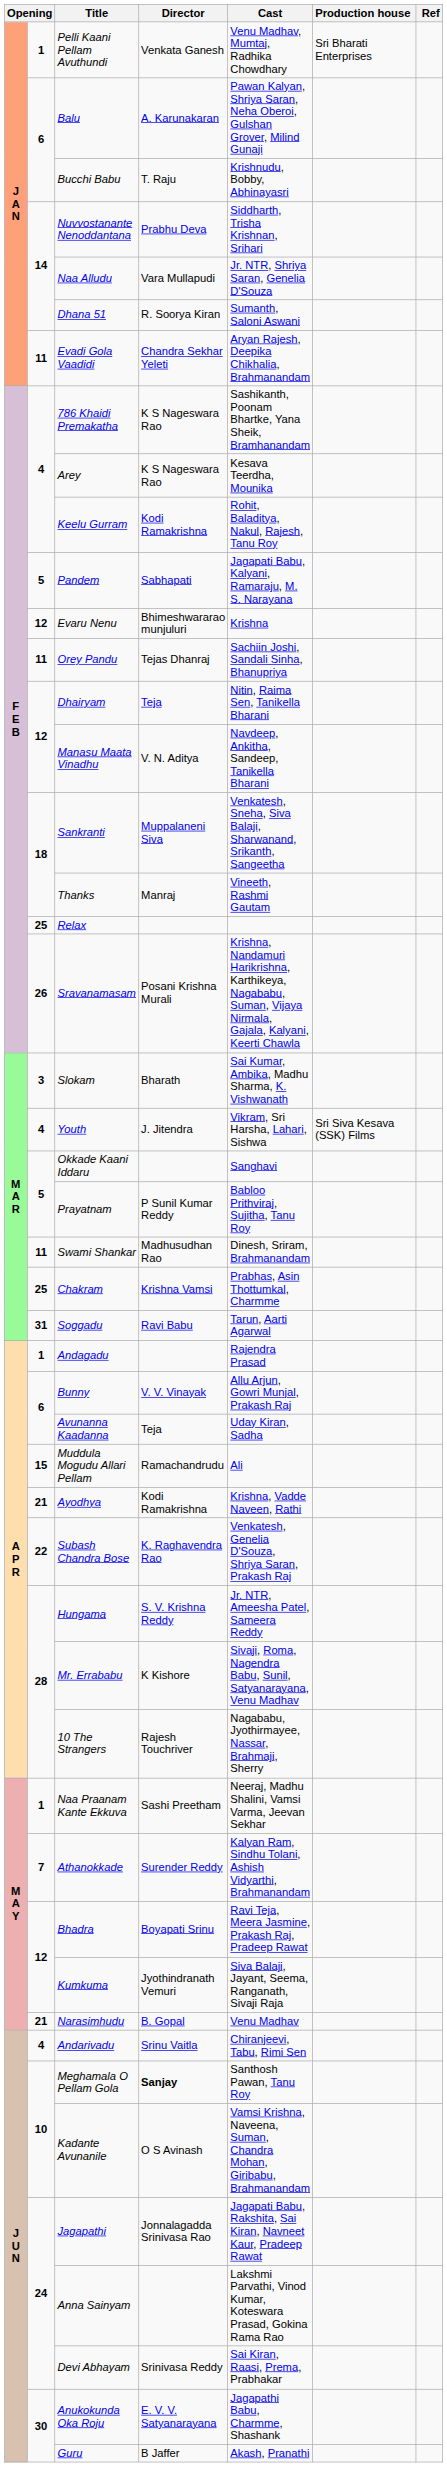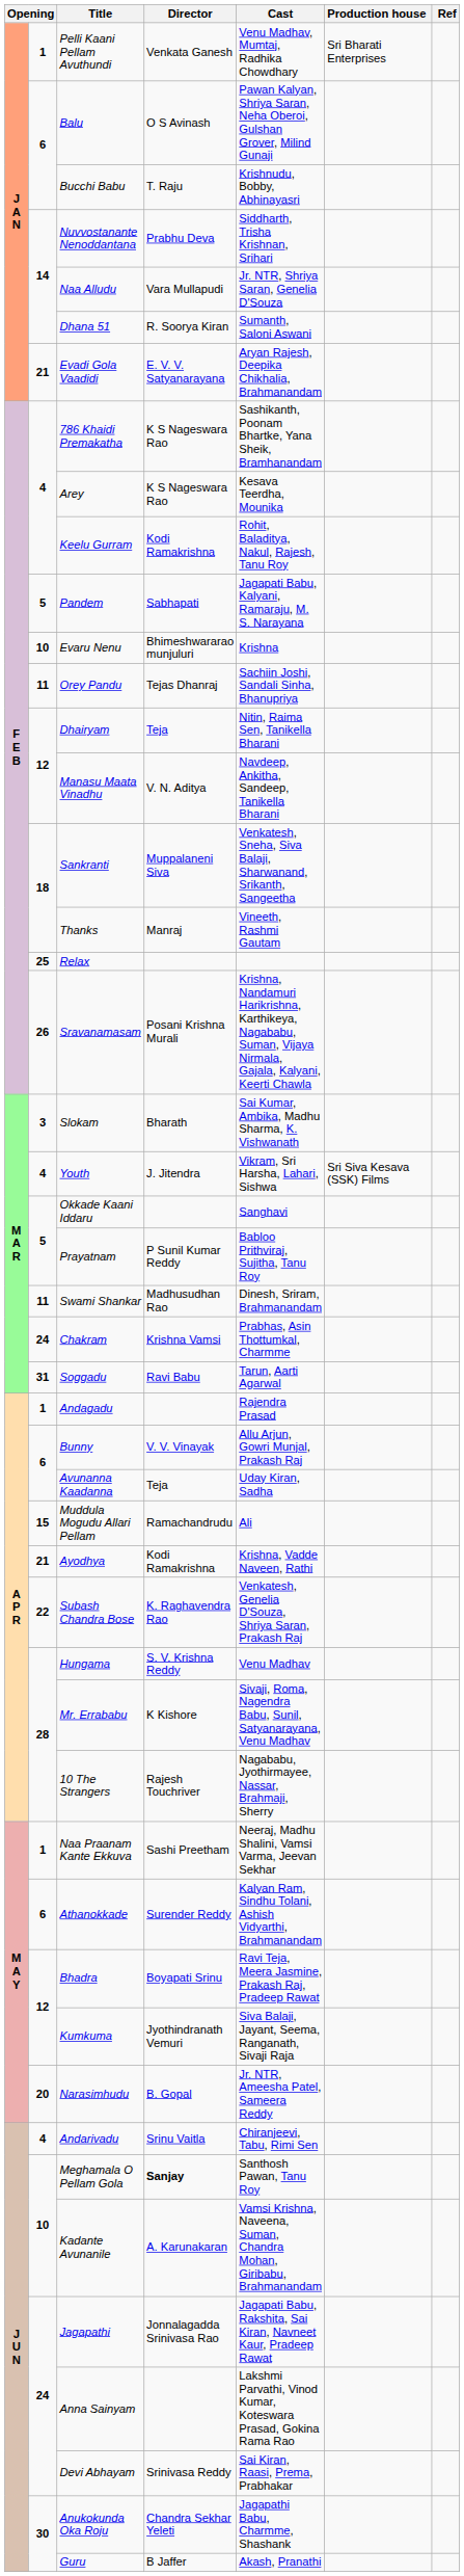 <table class="wikitable sortable">
 <tr style="background:#blue; text-align:center;">
 <th colspan="2">Opening</th>
 <th>Title</th>
 <th style="width:20%;"><strong>Director</strong></th>
 <th>Cast</th>
 <th>Production house </th>
 <th> Ref</th>
 </tr>
 <tr January!>
 <td rowspan="7"   style="text-align:center; background:#FFA07A; textcolor:#000;"><strong>J<br>A<br>N</strong></td>
 <td style="text-align:center;"><strong>1</strong></td>
 <td><em>Pelli Kaani Pellam Avuthundi</em></td>
 <td>Venkata Ganesh</td>
 <td><a href='#'>Venu Madhav</a>, <a href='#'>Mumtaj</a>, Radhika Chowdhary</td>
 <td>Sri Bharati Enterprises</td>
 <td></td>
 </tr>
 <tr>
 <td rowspan="2" style="text-align:center;"><strong>6</strong></td>
 <td><em><a href='#'>Balu</a></em></td>
-<td><a href='#'>A. Karunakaran</a></td>
+<td>O S Avinash</td>
 <td><a href='#'>Pawan Kalyan</a>, <a href='#'>Shriya Saran</a>, <a href='#'>Neha Oberoi</a>, <a href='#'>Gulshan Grover</a>, <a href='#'>Milind Gunaji</a></td>
 <td></td>
 <td></td>
 </tr>
 <tr>
 <td><em>Bucchi Babu</em></td>
 <td>T. Raju</td>
 <td><a href='#'>Krishnudu</a>, Bobby, <a href='#'>Abhinayasri</a></td>
 <td></td>
 <td></td>
 </tr>
 <tr>
 <td rowspan="3" style="text-align:center;"><strong>14</strong></td>
 <td><em><a href='#'>Nuvvostanante Nenoddantana</a></em></td>
 <td><a href='#'>Prabhu Deva</a></td>
 <td><a href='#'>Siddharth</a>, <a href='#'>Trisha Krishnan</a>, <a href='#'>Srihari</a></td>
 <td></td>
 <td></td>
 </tr>
 <tr>
 <td><em><a href='#'>Naa Alludu</a></em></td>
 <td>Vara Mullapudi</td>
 <td><a href='#'>Jr. NTR</a>, <a href='#'>Shriya Saran</a>, <a href='#'>Genelia D'Souza</a></td>
 <td></td>
 <td></td>
 </tr>
 <tr>
 <td><em><a href='#'>Dhana 51</a></em></td>
 <td>R. Soorya Kiran</td>
 <td><a href='#'>Sumanth</a>, <a href='#'>Saloni Aswani</a></td>
 <td></td>
 <td></td>
 </tr>
 <tr>
-<td style="text-align:center;"><strong>11</strong></td>
+<td style="text-align:center;"><strong>21</strong></td>
 <td><em><a href='#'>Evadi Gola Vaadidi</a></em></td>
-<td><a href='#'>Chandra Sekhar Yeleti</a></td>
+<td><a href='#'>E. V. V. Satyanarayana</a></td>
 <td><a href='#'>Aryan Rajesh</a>, <a href='#'>Deepika Chikhalia</a>, <a href='#'>Brahmanandam</a></td>
 <td></td>
 <td></td>
 </tr>
 <tr February!>
 <td rowspan="12"   style="text-align:center; background:thistle; textcolor:#000;"><strong>F<br>E<br>B</strong></td>
 <td rowspan="3" style="text-align:center;"><strong>4</strong></td>
 <td><em><a href='#'>786 Khaidi Premakatha</a></em></td>
 <td>K S Nageswara Rao</td>
 <td>Sashikanth, Poonam Bhartke, Yana Sheik, <a href='#'>Bramhanandam</a></td>
 <td></td>
 <td></td>
 </tr>
 <tr>
 <td><em>Arey</em></td>
 <td>K S Nageswara Rao</td>
 <td>Kesava Teerdha, <a href='#'>Mounika</a></td>
 <td></td>
 <td></td>
 </tr>
 <tr>
 <td><em><a href='#'>Keelu Gurram</a></em></td>
 <td><a href='#'>Kodi Ramakrishna</a></td>
 <td><a href='#'>Rohit</a>, <a href='#'>Baladitya</a>, <a href='#'>Nakul</a>, <a href='#'>Rajesh</a>, <a href='#'>Tanu Roy</a></td>
 <td></td>
 <td></td>
 </tr>
 <tr>
 <td style="text-align:center;"><strong>5</strong></td>
 <td><em><a href='#'>Pandem</a></em></td>
 <td><a href='#'>Sabhapati</a></td>
 <td><a href='#'>Jagapati Babu</a>, <a href='#'>Kalyani</a>, <a href='#'>Ramaraju</a>, <a href='#'>M. S. Narayana</a></td>
 <td></td>
 <td></td>
 </tr>
 <tr>
-<td style="text-align:center;"><strong>12</strong></td>
+<td style="text-align:center;"><strong>10</strong></td>
 <td><em>Evaru Nenu</em></td>
 <td>Bhimeshwararao munjuluri</td>
 <td><a href='#'>Krishna</a></td>
 <td></td>
 <td></td>
 </tr>
 <tr>
 <td style="text-align:center;"><strong>11</strong></td>
 <td><em><a href='#'>Orey Pandu</a></em></td>
 <td>Tejas Dhanraj</td>
 <td><a href='#'>Sachiin Joshi</a>, <a href='#'>Sandali Sinha</a>, <a href='#'>Bhanupriya</a></td>
 <td></td>
 <td></td>
 </tr>
 <tr>
 <td rowspan="2" style="text-align:center;"><strong>12</strong></td>
 <td><em><a href='#'>Dhairyam</a></em></td>
 <td><a href='#'>Teja</a></td>
 <td><a href='#'>Nitin</a>, <a href='#'>Raima Sen</a>, <a href='#'>Tanikella Bharani</a></td>
 <td></td>
 <td></td>
 </tr>
 <tr>
 <td><em><a href='#'>Manasu Maata Vinadhu</a></em></td>
 <td>V. N. Aditya</td>
 <td><a href='#'>Navdeep</a>, <a href='#'>Ankitha</a>, Sandeep, <a href='#'>Tanikella Bharani</a></td>
 <td></td>
 <td></td>
 </tr>
 <tr>
 <td rowspan="2" style="text-align:center;"><strong>18</strong></td>
 <td><em><a href='#'>Sankranti</a></em></td>
 <td><a href='#'>Muppalaneni Siva</a></td>
 <td><a href='#'>Venkatesh</a>, <a href='#'>Sneha</a>, <a href='#'>Siva Balaji</a>, <a href='#'>Sharwanand</a>, <a href='#'>Srikanth</a>, <a href='#'>Sangeetha</a></td>
 <td></td>
 <td></td>
 </tr>
 <tr>
 <td><em>Thanks</em></td>
 <td>Manraj</td>
 <td><a href='#'>Vineeth</a>, <a href='#'>Rashmi Gautam</a></td>
 <td></td>
 <td></td>
 </tr>
 <tr>
 <td style="text-align:center;"><strong>25</strong></td>
 <td><em><a href='#'>Relax</a></em></td>
 <td></td>
 <td></td>
 <td></td>
 <td></td>
 </tr>
 <tr>
 <td style="text-align:center;"><strong>26</strong></td>
 <td><em><a href='#'>Sravanamasam</a></em></td>
 <td>Posani Krishna Murali</td>
 <td><a href='#'>Krishna</a>, <a href='#'>Nandamuri Harikrishna</a>, Karthikeya, <a href='#'>Nagababu</a>, <a href='#'>Suman</a>, <a href='#'>Vijaya Nirmala</a>, <a href='#'>Gajala</a>, <a href='#'>Kalyani</a>, <a href='#'>Keerti Chawla</a></td>
 <td></td>
 <td></td>
 </tr>
 <tr March!>
 <td rowspan="7"   style="text-align:center; background:#98fb98; textcolor:#000;"><strong>M<br>A<br>R</strong></td>
 <td style="text-align:center;"><strong>3</strong></td>
 <td><em>Slokam</em></td>
 <td>Bharath</td>
 <td><a href='#'>Sai Kumar</a>, <a href='#'>Ambika</a>, Madhu Sharma, <a href='#'>K. Vishwanath</a></td>
 <td></td>
 <td></td>
 </tr>
 <tr>
 <td style="text-align:center;"><strong>4</strong></td>
 <td><em><a href='#'>Youth</a></em></td>
 <td>J. Jitendra</td>
 <td><a href='#'>Vikram</a>, Sri Harsha, <a href='#'>Lahari</a>, Sishwa</td>
 <td>Sri Siva Kesava (SSK) Films</td>
 <td></td>
 </tr>
 <tr>
 <td rowspan="2" style="text-align:center;"><strong>5</strong></td>
 <td><em>Okkade Kaani Iddaru</em></td>
 <td></td>
 <td><a href='#'>Sanghavi</a></td>
 <td></td>
 <td></td>
 </tr>
 <tr>
 <td><em>Prayatnam</em></td>
 <td>P Sunil Kumar Reddy</td>
 <td><a href='#'>Babloo Prithviraj</a>, <a href='#'>Sujitha</a>, <a href='#'>Tanu Roy</a></td>
 <td></td>
 <td></td>
 </tr>
 <tr>
 <td style="text-align:center;"><strong>11</strong></td>
 <td><em>Swami Shankar</em></td>
 <td>Madhusudhan Rao</td>
 <td>Dinesh, Sriram, <a href='#'>Brahmanandam</a></td>
 <td></td>
 <td></td>
 </tr>
 <tr>
-<td style="text-align:center;"><strong>25</strong></td>
+<td style="text-align:center;"><strong>24</strong></td>
 <td><em><a href='#'>Chakram</a></em></td>
 <td><a href='#'>Krishna Vamsi</a></td>
 <td><a href='#'>Prabhas</a>, <a href='#'>Asin Thottumkal</a>, <a href='#'>Charmme</a></td>
 <td></td>
 <td></td>
 </tr>
 <tr>
 <td style="text-align:center;"><strong>31</strong></td>
 <td><em><a href='#'>Soggadu</a></em></td>
 <td><a href='#'>Ravi Babu</a></td>
 <td><a href='#'>Tarun</a>, <a href='#'>Aarti Agarwal</a></td>
 <td></td>
 <td></td>
 </tr>
 <tr April!>
 <td rowspan="9"   style="text-align:center; background:#ffdead; textcolor:#000;"><strong>A<br>P<br>R</strong></td>
 <td style="text-align:center;"><strong>1</strong></td>
 <td><em><a href='#'>Andagadu</a></em></td>
 <td></td>
 <td><a href='#'>Rajendra Prasad</a></td>
 <td></td>
 <td></td>
 </tr>
 <tr>
 <td rowspan="2" style="text-align:center;"><strong>6</strong></td>
 <td><em><a href='#'>Bunny</a></em></td>
 <td><a href='#'>V. V. Vinayak</a></td>
 <td><a href='#'>Allu Arjun</a>, <a href='#'>Gowri Munjal</a>, <a href='#'>Prakash Raj</a></td>
 <td></td>
 <td></td>
 </tr>
 <tr>
 <td><em><a href='#'>Avunanna Kaadanna</a></em></td>
 <td>Teja</td>
 <td><a href='#'>Uday Kiran</a>, <a href='#'>Sadha</a></td>
 <td></td>
 <td></td>
 </tr>
 <tr>
 <td style="text-align:center;"><strong>15</strong></td>
 <td><em>Muddula Mogudu Allari Pellam</em></td>
 <td>Ramachandrudu</td>
 <td><a href='#'>Ali</a></td>
 <td></td>
 <td></td>
 </tr>
 <tr>
 <td style="text-align:center;"><strong>21</strong></td>
 <td><em><a href='#'>Ayodhya</a></em></td>
 <td>Kodi Ramakrishna</td>
 <td><a href='#'>Krishna</a>, <a href='#'>Vadde Naveen</a>, <a href='#'>Rathi</a></td>
 <td></td>
 <td></td>
 </tr>
 <tr>
 <td style="text-align:center;"><strong>22</strong></td>
 <td><em><a href='#'>Subash Chandra Bose</a></em></td>
 <td><a href='#'>K. Raghavendra Rao</a></td>
 <td><a href='#'>Venkatesh</a>, <a href='#'>Genelia D'Souza</a>, <a href='#'>Shriya Saran</a>, <a href='#'>Prakash Raj</a></td>
 <td></td>
 <td></td>
 </tr>
 <tr>
 <td rowspan="3" style="text-align:center;"><strong>28</strong></td>
 <td><em><a href='#'>Hungama</a></em></td>
 <td><a href='#'>S. V. Krishna Reddy</a></td>
-<td><a href='#'>Jr. NTR</a>, <a href='#'>Ameesha Patel</a>, <a href='#'>Sameera Reddy</a></td>
+<td><a href='#'>Venu Madhav</a></td>
 <td></td>
 <td></td>
 </tr>
 <tr>
 <td><em><a href='#'>Mr. Errababu</a></em></td>
 <td>K Kishore</td>
 <td><a href='#'>Sivaji</a>, <a href='#'>Roma</a>, <a href='#'>Nagendra Babu</a>, <a href='#'>Sunil</a>, <a href='#'>Satyanarayana</a>, <a href='#'>Venu Madhav</a></td>
 <td></td>
 <td></td>
 </tr>
 <tr>
 <td><em>10 The Strangers</em></td>
 <td>Rajesh Touchriver</td>
 <td>Nagababu, Jyothirmayee, <a href='#'>Nassar</a>, <a href='#'>Brahmaji</a>, Sherry</td>
 <td></td>
 <td></td>
 </tr>
 <tr May!>
 <td rowspan="5"   style="text-align:center; background:#edafaf; textcolor:#000;"><strong>M<br>A<br>Y</strong></td>
 <td style="text-align:center;"><strong>1</strong></td>
 <td><em>Naa Praanam Kante Ekkuva</em></td>
 <td>Sashi Preetham</td>
 <td>Neeraj, Madhu Shalini, Vamsi Varma, Jeevan Sekhar</td>
 <td></td>
 <td></td>
 </tr>
 <tr>
-<td style="text-align:center;"><strong>7</strong></td>
+<td style="text-align:center;"><strong>6</strong></td>
 <td><em><a href='#'>Athanokkade</a></em></td>
 <td><a href='#'>Surender Reddy</a></td>
 <td><a href='#'>Kalyan Ram</a>, <a href='#'>Sindhu Tolani</a>, <a href='#'>Ashish Vidyarthi</a>, <a href='#'>Brahmanandam</a></td>
 <td></td>
 <td></td>
 </tr>
 <tr>
 <td rowspan="2" style="text-align:center;"><strong>12</strong></td>
 <td><em><a href='#'>Bhadra</a></em></td>
 <td><a href='#'>Boyapati Srinu</a></td>
 <td><a href='#'>Ravi Teja</a>, <a href='#'>Meera Jasmine</a>, <a href='#'>Prakash Raj</a>, <a href='#'>Pradeep Rawat</a></td>
 <td></td>
 <td></td>
 </tr>
 <tr>
 <td><em><a href='#'>Kumkuma</a></em></td>
 <td>Jyothindranath Vemuri</td>
 <td><a href='#'>Siva Balaji</a>, Jayant, Seema, Ranganath, Sivaji Raja</td>
 <td></td>
 <td></td>
 </tr>
 <tr>
-<td style="text-align:center;"><strong>21</strong></td>
+<td style="text-align:center;"><strong>20</strong></td>
 <td><em><a href='#'>Narasimhudu</a></em></td>
 <td><a href='#'>B. Gopal</a></td>
-<td><a href='#'>Venu Madhav</a></td>
+<td><a href='#'>Jr. NTR</a>, <a href='#'>Ameesha Patel</a>, <a href='#'>Sameera Reddy</a></td>
 <td></td>
 <td></td>
 </tr>
 <tr June!>
 <td rowspan="8"   style="text-align:center; background:#d9c1b0; textcolor:#000;"><strong>J<br>U<br>N</strong></td>
 <td style="text-align:center;"><strong>4</strong></td>
 <td><em><a href='#'>Andarivadu</a></em></td>
 <td><a href='#'>Srinu Vaitla</a></td>
 <td><a href='#'>Chiranjeevi</a>, <a href='#'>Tabu</a>, <a href='#'>Rimi Sen</a></td>
 <td></td>
 <td></td>
 </tr>
 <tr>
 <td rowspan="2" style="text-align:center;"><strong>10</strong></td>
 <td><em> Meghamala O Pellam Gola</em></td>
 <td><strong>Sanjay</strong></td>
 <td>Santhosh Pawan, <a href='#'>Tanu Roy</a></td>
 <td></td>
 <td></td>
 </tr>
 <tr>
 <td><em>Kadante Avunanile</em></td>
-<td>O S Avinash</td>
+<td><a href='#'>A. Karunakaran</a></td>
 <td><a href='#'>Vamsi Krishna</a>, Naveena, <a href='#'>Suman</a>, <a href='#'>Chandra Mohan</a>, <a href='#'>Giribabu</a>, <a href='#'>Brahmanandam</a></td>
 <td></td>
 <td></td>
 </tr>
 <tr>
 <td rowspan="3" style="text-align:center;"><strong>24</strong></td>
 <td><em><a href='#'>Jagapathi</a></em></td>
 <td>Jonnalagadda Srinivasa Rao</td>
 <td><a href='#'>Jagapati Babu</a>, <a href='#'>Rakshita</a>, <a href='#'>Sai Kiran</a>, <a href='#'>Navneet Kaur</a>, <a href='#'>Pradeep Rawat</a></td>
 <td></td>
 <td></td>
 </tr>
 <tr>
 <td><em>Anna Sainyam</em></td>
 <td></td>
 <td>Lakshmi Parvathi, Vinod Kumar, Koteswara Prasad, Gokina Rama Rao</td>
 <td></td>
 <td></td>
 </tr>
 <tr>
 <td><em>Devi Abhayam</em></td>
 <td>Srinivasa Reddy</td>
 <td><a href='#'>Sai Kiran</a>, <a href='#'>Raasi</a>, <a href='#'>Prema</a>, Prabhakar</td>
 <td></td>
 <td></td>
 </tr>
 <tr>
 <td rowspan="2" style="text-align:center;"><strong>30</strong></td>
 <td><em><a href='#'>Anukokunda Oka Roju</a></em></td>
-<td><a href='#'>E. V. V. Satyanarayana</a></td>
+<td><a href='#'>Chandra Sekhar Yeleti</a></td>
 <td><a href='#'>Jagapathi Babu</a>, <a href='#'>Charmme</a>, Shashank</td>
 <td></td>
 <td></td>
 </tr>
 <tr>
 <td><em><a href='#'>Guru</a></em></td>
 <td>B Jaffer</td>
 <td><a href='#'>Akash</a>, <a href='#'>Pranathi</a></td>
 <td></td>
 <td></td>
 </tr>
 </table>
